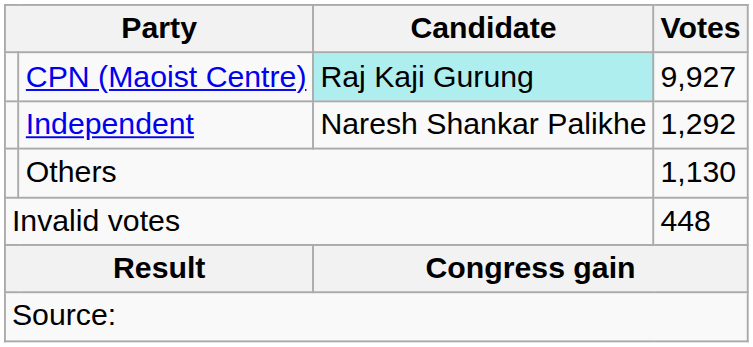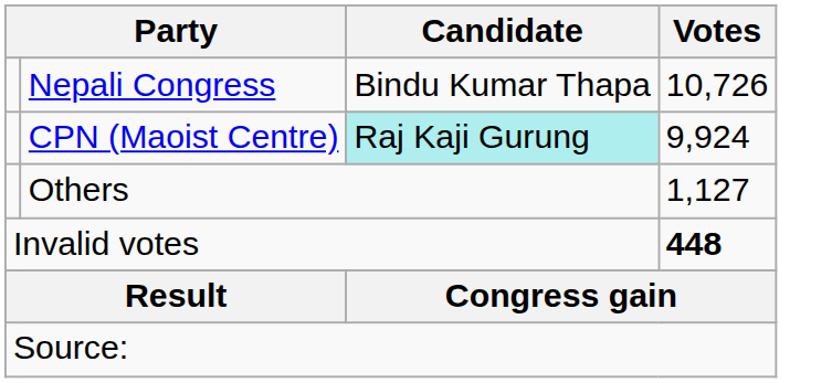 <table class="wikitable">
 <tr>
 <th colspan="2">Party</th>
 <th>Candidate</th>
 <th>Votes</th>
 </tr>
 <tr>
 <td style="background-color:"></td>
-<td><a href='#'>CPN (Maoist Centre)</a></td>
-<td style="background: paleturquoise;">Raj Kaji Gurung</td>
-<td>9,927</td>
+<td><a href='#'>Nepali Congress</a></td>
+<td>Bindu Kumar Thapa</td>
+<td>10,726</td>
 </tr>
 <tr>
 <td style="background-color:"></td>
-<td><a href='#'>Independent</a></td>
-<td>Naresh Shankar Palikhe</td>
-<td>1,292</td>
+<td><a href='#'>CPN (Maoist Centre)</a></td>
+<td style="background: paleturquoise;">Raj Kaji Gurung</td>
+<td>9,924</td>
 </tr>
 <tr>
 <td></td>
 <td colspan="2">Others</td>
-<td>1,130</td>
+<td>1,127</td>
 </tr>
 <tr>
 <td colspan="3">Invalid votes</td>
-<td>448</td>
+<td><strong>448</strong></td>
 </tr>
 <tr>
 <th colspan="2">Result</th>
 <th colspan="2">Congress gain</th>
 </tr>
 <tr>
 <td colspan="4">Source: </td>
 </tr>
 </table>
